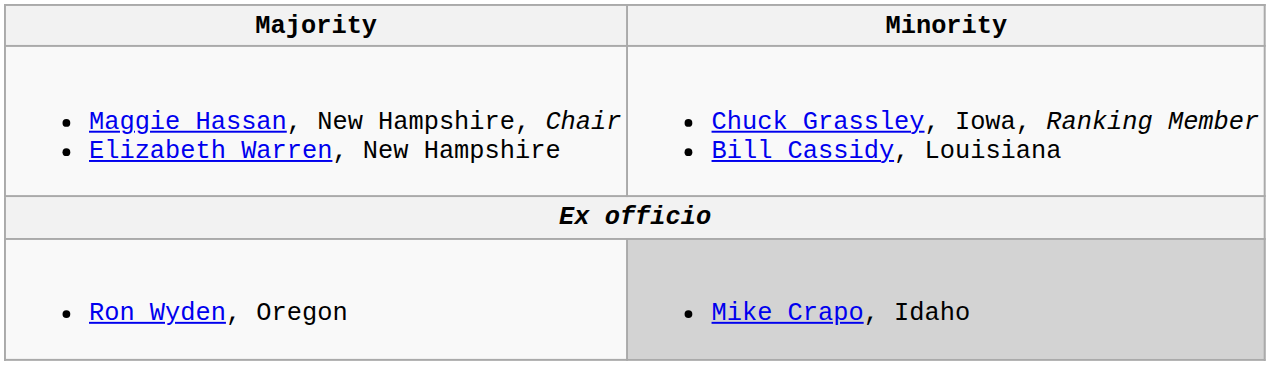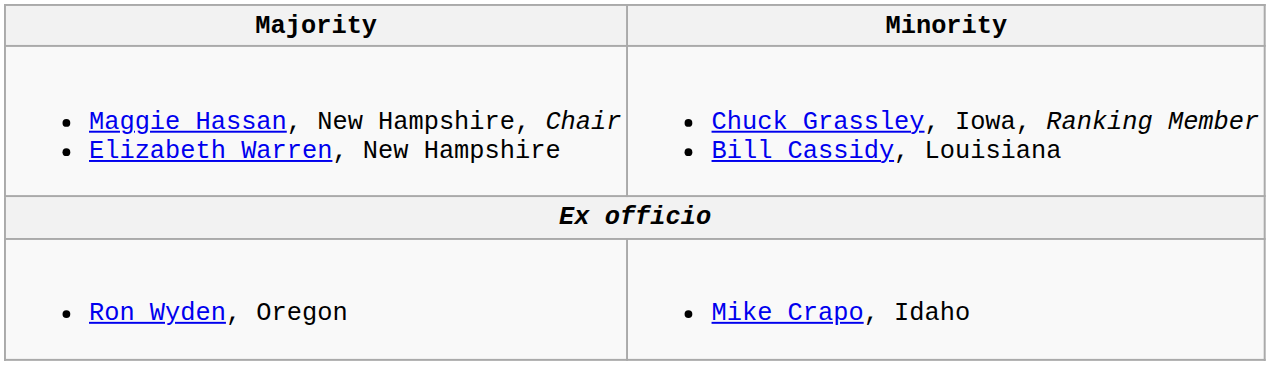 <table class=wikitable>
 <tr>
 <th>Majority</th>
 <th>Minority</th>
 </tr>
 <tr>
 <td><br><ul><li><a href='#'>Maggie Hassan</a>, New Hampshire, <em>Chair</em></li><li><a href='#'>Elizabeth Warren</a>, New Hampshire</li></ul></td>
 <td><br><ul><li><a href='#'>Chuck Grassley</a>, Iowa, <em>Ranking Member</em></li><li><a href='#'>Bill Cassidy</a>, Louisiana</li></ul></td>
 </tr>
 <tr>
 <th colspan=2><em>Ex officio</em></th>
 </tr>
 <tr>
 <td><br><ul><li><a href='#'>Ron Wyden</a>, Oregon</li></ul></td>
-<td style="background: lightgrey;"><br><ul><li><a href='#'>Mike Crapo</a>, Idaho</li></ul></td>
+<td><br><ul><li><a href='#'>Mike Crapo</a>, Idaho</li></ul></td>
 </tr>
 </table>
